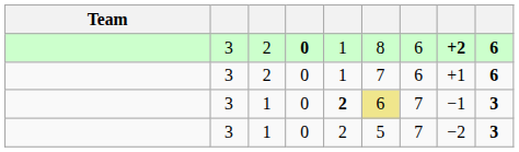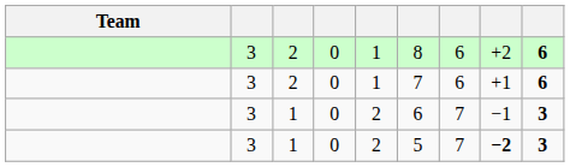 <table class="wikitable" style="text-align: center; font-size: 90%;">
 <tr>
 <th width=165>Team</th>
 <th width=25></th>
 <th width=25></th>
 <th width=25></th>
 <th width=25></th>
 <th width=25></th>
 <th width=25></th>
 <th width=25></th>
 <th width=25></th>
 </tr>
 <tr bgcolor="ccffcc">
 <td align="left"><em></em></td>
 <td>3</td>
 <td>2</td>
-<td><strong>0</strong></td>
+<td>0</td>
 <td>1</td>
 <td>8</td>
 <td>6</td>
-<td><strong>+2</strong></td>
+<td>+2</td>
 <td><strong>6</strong></td>
 </tr>
 <tr>
 <td align="left"></td>
 <td>3</td>
 <td>2</td>
 <td>0</td>
 <td>1</td>
 <td>7</td>
 <td>6</td>
 <td>+1</td>
 <td><strong>6</strong></td>
 </tr>
 <tr>
 <td align="left"></td>
 <td>3</td>
 <td>1</td>
 <td>0</td>
-<td><strong>2</strong></td>
-<td style="background: khaki;">6</td>
+<td>2</td>
+<td>6</td>
 <td>7</td>
 <td>−1</td>
 <td><strong>3</strong></td>
 </tr>
 <tr>
 <td align="left"></td>
 <td>3</td>
 <td>1</td>
 <td>0</td>
 <td>2</td>
 <td>5</td>
 <td>7</td>
-<td>−2</td>
+<td><strong>−2</strong></td>
 <td><strong>3</strong></td>
 </tr>
 </table>
